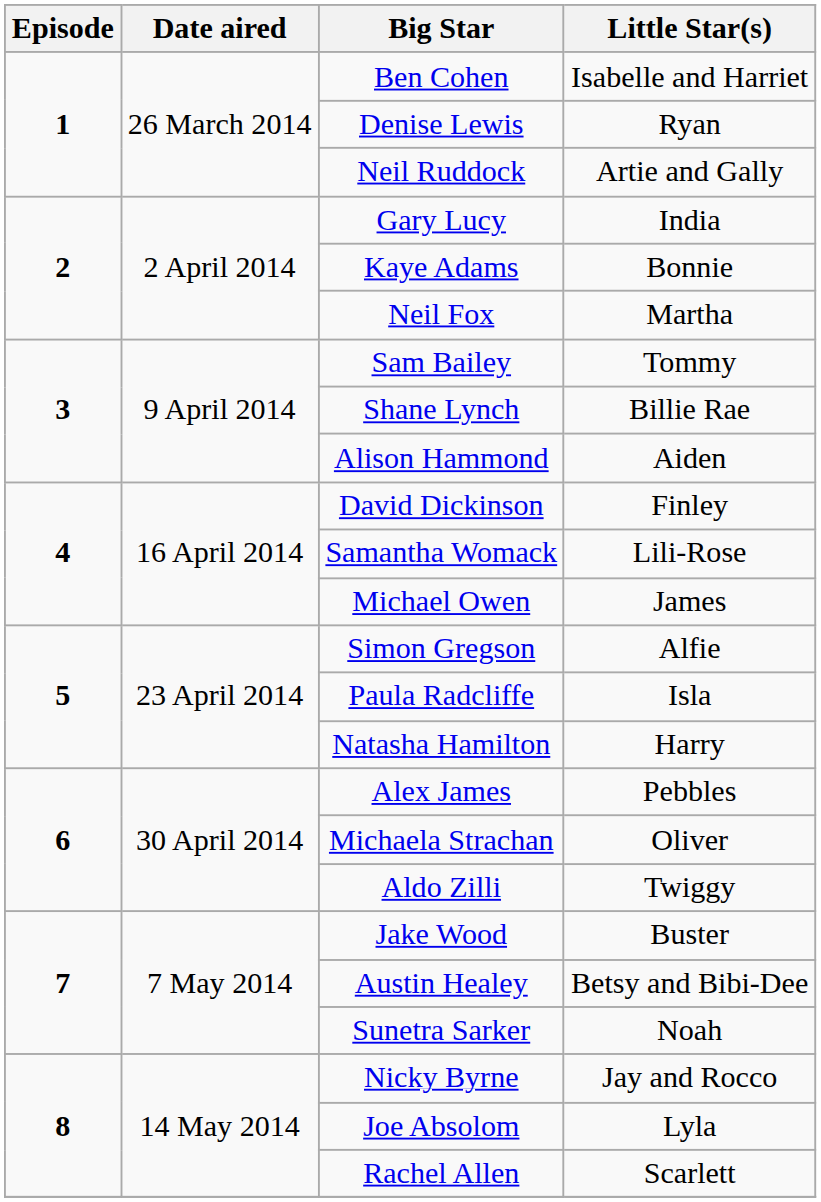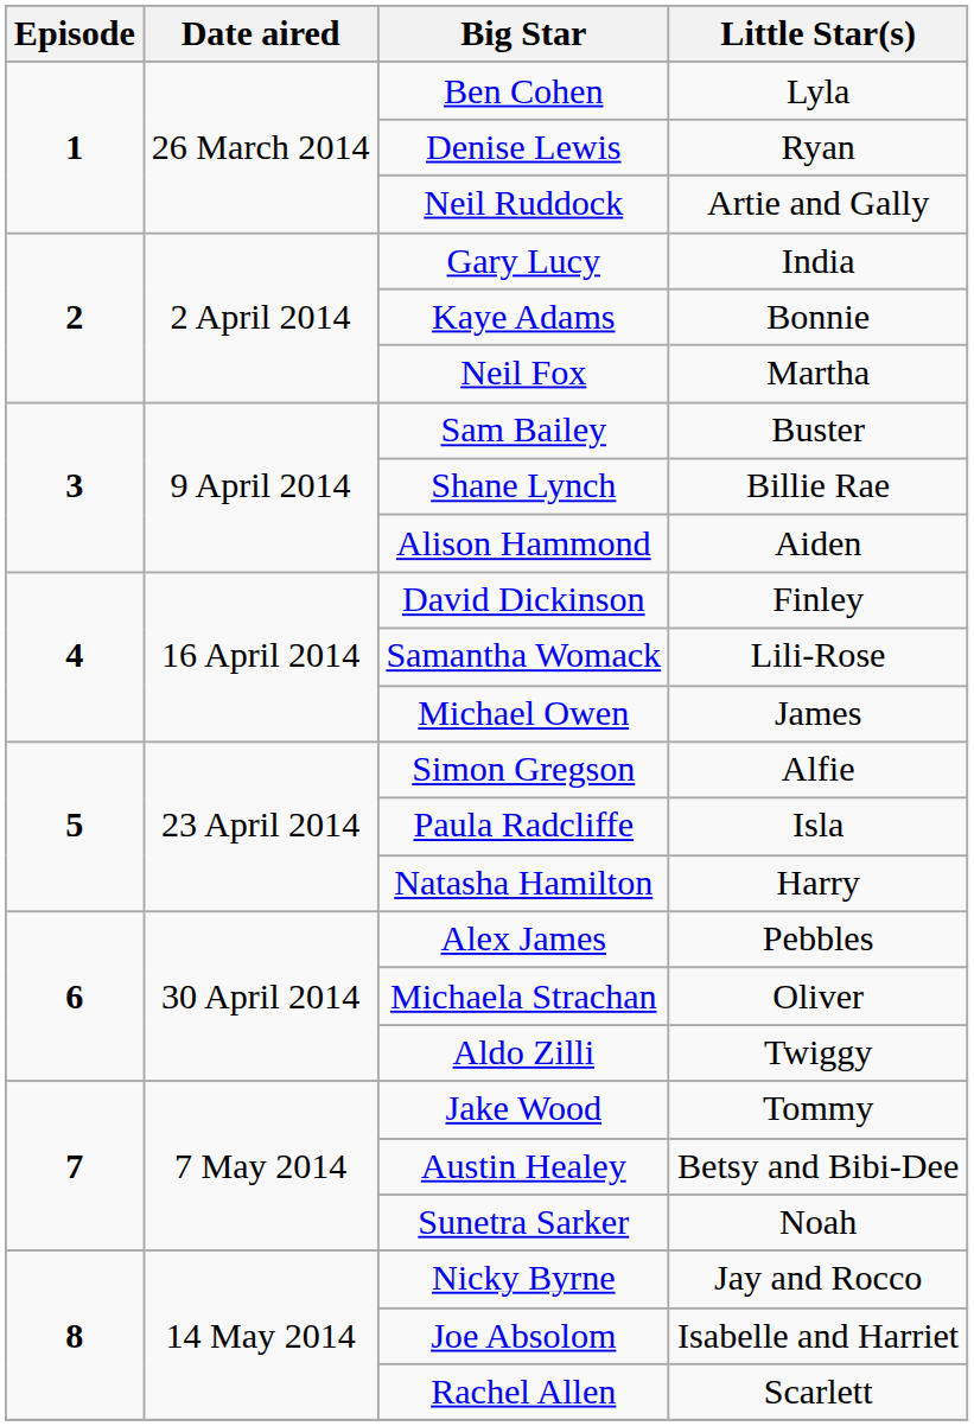 <table class="wikitable" style="text-align:center;" width:99%;>
 <tr>
 <th>Episode</th>
 <th>Date aired</th>
 <th>Big Star</th>
 <th>Little Star(s)</th>
 </tr>
 <tr>
 <td rowspan=3><strong>1</strong></td>
 <td rowspan=3>26 March 2014</td>
 <td><a href='#'>Ben Cohen</a></td>
-<td>Isabelle and Harriet</td>
+<td>Lyla</td>
 </tr>
 <tr>
 <td><a href='#'>Denise Lewis</a></td>
 <td>Ryan</td>
 </tr>
 <tr>
 <td><a href='#'>Neil Ruddock</a></td>
 <td>Artie and Gally</td>
 </tr>
 <tr>
 <td rowspan=3><strong>2</strong></td>
 <td rowspan=3>2 April 2014</td>
 <td><a href='#'>Gary Lucy</a></td>
 <td>India</td>
 </tr>
 <tr>
 <td><a href='#'>Kaye Adams</a></td>
 <td>Bonnie</td>
 </tr>
 <tr>
 <td><a href='#'>Neil Fox</a></td>
 <td>Martha</td>
 </tr>
 <tr>
 <td rowspan=3><strong>3</strong></td>
 <td rowspan=3>9 April 2014</td>
 <td><a href='#'>Sam Bailey</a></td>
-<td>Tommy</td>
+<td>Buster</td>
 </tr>
 <tr>
 <td><a href='#'>Shane Lynch</a></td>
 <td>Billie Rae</td>
 </tr>
 <tr>
 <td><a href='#'>Alison Hammond</a></td>
 <td>Aiden</td>
 </tr>
 <tr>
 <td rowspan=3><strong>4</strong></td>
 <td rowspan=3>16 April 2014</td>
 <td><a href='#'>David Dickinson</a></td>
 <td>Finley</td>
 </tr>
 <tr>
 <td><a href='#'>Samantha Womack</a></td>
 <td>Lili-Rose</td>
 </tr>
 <tr>
 <td><a href='#'>Michael Owen</a></td>
 <td>James</td>
 </tr>
 <tr>
 <td rowspan=3><strong>5</strong></td>
 <td rowspan=3>23 April 2014</td>
 <td><a href='#'>Simon Gregson</a></td>
 <td>Alfie</td>
 </tr>
 <tr>
 <td><a href='#'>Paula Radcliffe</a></td>
 <td>Isla</td>
 </tr>
 <tr>
 <td><a href='#'>Natasha Hamilton</a></td>
 <td>Harry</td>
 </tr>
 <tr>
 <td rowspan=3><strong>6</strong></td>
 <td rowspan=3>30 April 2014</td>
 <td><a href='#'>Alex James</a></td>
 <td>Pebbles</td>
 </tr>
 <tr>
 <td><a href='#'>Michaela Strachan</a></td>
 <td>Oliver</td>
 </tr>
 <tr>
 <td><a href='#'>Aldo Zilli</a></td>
 <td>Twiggy</td>
 </tr>
 <tr>
 <td rowspan=3><strong>7</strong></td>
 <td rowspan=3>7 May 2014</td>
 <td><a href='#'>Jake Wood</a></td>
-<td>Buster</td>
+<td>Tommy</td>
 </tr>
 <tr>
 <td><a href='#'>Austin Healey</a></td>
 <td>Betsy and Bibi-Dee</td>
 </tr>
 <tr>
 <td><a href='#'>Sunetra Sarker</a></td>
 <td>Noah</td>
 </tr>
 <tr>
 <td rowspan=3><strong>8</strong></td>
 <td rowspan=3>14 May 2014</td>
 <td><a href='#'>Nicky Byrne</a></td>
 <td>Jay and Rocco</td>
 </tr>
 <tr>
 <td><a href='#'>Joe Absolom</a></td>
-<td>Lyla</td>
+<td>Isabelle and Harriet</td>
 </tr>
 <tr>
 <td><a href='#'>Rachel Allen</a></td>
 <td>Scarlett</td>
 </tr>
 <tr>
 </tr>
 </table>
